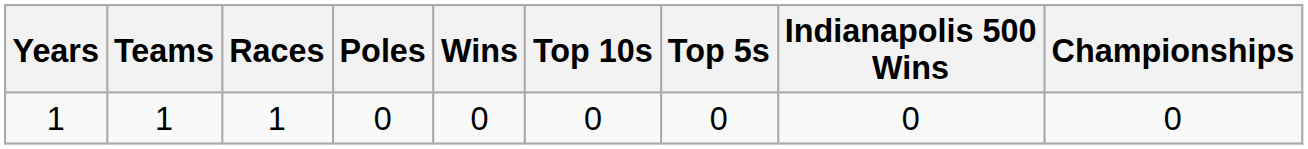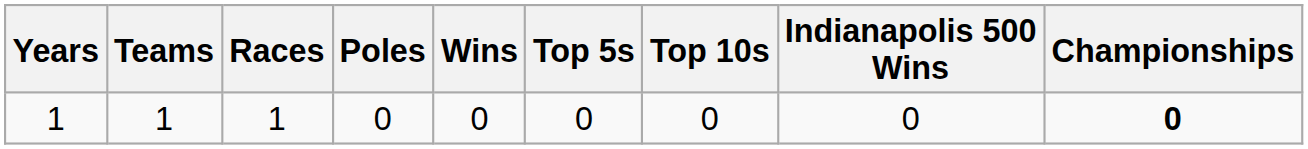 <table class="wikitable" style="text-align:center; font-size:95%">
 <tr>
 <th>Years</th>
 <th>Teams</th>
 <th>Races</th>
 <th>Poles</th>
 <th>Wins</th>
+<th>Top 5s</th>
 <th>Top 10s</th>
-<th>Top 5s</th>
 <th>Indianapolis 500<br>Wins</th>
 <th>Championships</th>
 </tr>
 <tr>
 <td>1</td>
 <td>1</td>
 <td>1</td>
 <td>0</td>
 <td>0</td>
 <td>0</td>
 <td>0</td>
 <td>0</td>
-<td>0</td>
+<td><strong>0</strong></td>
 </tr>
 </table>
